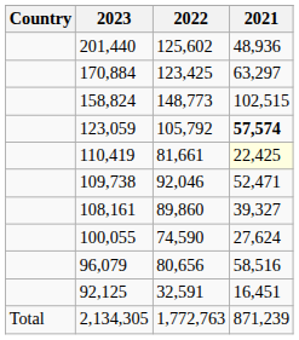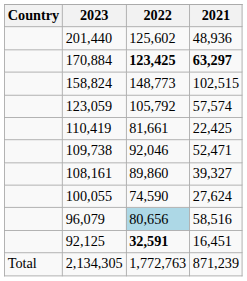 <table class="wikitable sortable collapsible collapsed">
 <tr>
 </tr>
 <tr>
 <th>Country</th>
 <th>2023</th>
 <th>2022</th>
 <th>2021</th>
 </tr>
 <tr>
 <td></td>
 <td>201,440</td>
 <td>125,602</td>
 <td>48,936</td>
 </tr>
 <tr>
 <td></td>
 <td>170,884</td>
-<td>123,425</td>
-<td>63,297</td>
+<td><strong>123,425</strong></td>
+<td><strong>63,297</strong></td>
 </tr>
 <tr>
 <td></td>
 <td>158,824</td>
 <td>148,773</td>
 <td>102,515</td>
 </tr>
 <tr>
 <td></td>
 <td>123,059</td>
 <td>105,792</td>
-<td><strong>57,574</strong></td>
+<td>57,574</td>
 </tr>
 <tr>
 <td></td>
 <td>110,419</td>
 <td>81,661</td>
-<td style="background: lightyellow;">22,425</td>
+<td>22,425</td>
 </tr>
 <tr>
 <td></td>
 <td>109,738</td>
 <td>92,046</td>
 <td>52,471</td>
 </tr>
 <tr>
 <td></td>
 <td>108,161</td>
 <td>89,860</td>
 <td>39,327</td>
 </tr>
 <tr>
 <td></td>
 <td>100,055</td>
 <td>74,590</td>
 <td>27,624</td>
 </tr>
 <tr>
 <td></td>
 <td>96,079</td>
-<td>80,656</td>
+<td style="background: lightblue;">80,656</td>
 <td>58,516</td>
 </tr>
 <tr>
 <td></td>
 <td>92,125</td>
-<td>32,591</td>
+<td><strong>32,591</strong></td>
 <td>16,451</td>
 </tr>
 <tr>
 <td>Total</td>
 <td>2,134,305</td>
 <td>1,772,763</td>
 <td>871,239</td>
 </tr>
 </table>
